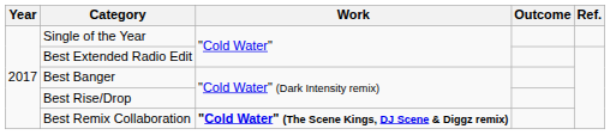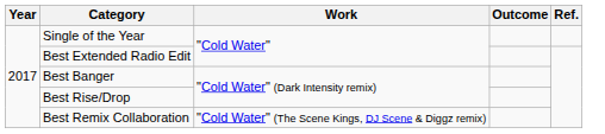 <table class="wikitable">
 <tr>
 <th>Year</th>
 <th>Category</th>
 <th>Work</th>
 <th>Outcome</th>
 <th>Ref.</th>
 </tr>
 <tr>
 <td rowspan="5">2017</td>
 <td>Single of the Year</td>
 <td rowspan="2">"<a href='#'>Cold Water</a>"</td>
 <td></td>
 <td></td>
 </tr>
 <tr>
 <td>Best Extended Radio Edit</td>
 <td></td>
 <td rowspan="4"></td>
 </tr>
 <tr>
 <td>Best Banger</td>
 <td rowspan="2">"<a href='#'>Cold Water</a>" <small>(Dark Intensity remix)</small></td>
 <td></td>
 </tr>
 <tr>
 <td>Best Rise/Drop</td>
 <td></td>
 </tr>
 <tr>
 <td>Best Remix Collaboration</td>
-<td><strong>"<a href='#'>Cold Water</a>" <small>(The Scene Kings, <a href='#'>DJ Scene</a> & Diggz remix)</small></strong></td>
+<td>"<a href='#'>Cold Water</a>" <small>(The Scene Kings, <a href='#'>DJ Scene</a> & Diggz remix)</small></td>
 <td></td>
 </tr>
 </table>
